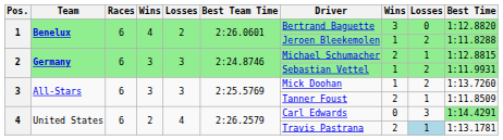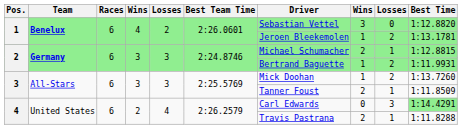 <table class="wikitable" style="font-size: 95%;">
 <tr>
 <th>Pos.</th>
 <th>Team</th>
 <th>Races</th>
 <th>Wins</th>
 <th>Losses</th>
 <th>Best Team Time</th>
 <th>Driver</th>
 <th>Wins</th>
 <th>Losses</th>
 <th>Best Time</th>
 </tr>
 <tr style="background:lightgreen;">
 <th rowspan=2>1</th>
 <td rowspan=2> <strong><a href='#'>Benelux</a></strong></td>
 <td rowspan=2 align=center>6</td>
 <td rowspan=2 align=center>4</td>
 <td rowspan=2 align=center>2</td>
 <td rowspan=2 align=center>2:26.0601</td>
-<td> <a href='#'>Bertrand Baguette</a></td>
+<td> <a href='#'>Sebastian Vettel</a></td>
 <td align=center>3</td>
 <td align=center>0</td>
 <td>1:12.8820</td>
 </tr>
 <tr style="background:lightgreen;">
 <td> <a href='#'>Jeroen Bleekemolen</a></td>
 <td align=center>1</td>
 <td align=center>2</td>
-<td>1:11.8288</td>
+<td>1:13.1781</td>
 </tr>
 <tr style="background:lightgreen;">
 <th rowspan=2>2</th>
 <td rowspan=2> <strong><a href='#'>Germany</a></strong></td>
 <td rowspan=2 align=center>6</td>
 <td rowspan=2 align=center>3</td>
 <td rowspan=2 align=center>3</td>
 <td rowspan=2 align=center>2:24.8746</td>
 <td> <a href='#'>Michael Schumacher</a></td>
 <td align=center>2</td>
 <td align=center>1</td>
 <td>1:12.8815</td>
 </tr>
 <tr style="background:lightgreen;">
-<td> <a href='#'>Sebastian Vettel</a></td>
+<td> <a href='#'>Bertrand Baguette</a></td>
 <td align=center>1</td>
 <td align=center>2</td>
 <td>1:11.9931</td>
 </tr>
 <tr>
 <th rowspan=2>3</th>
 <td rowspan=2> <a href='#'>All-Stars</a></td>
 <td rowspan=2 align=center>6</td>
 <td rowspan=2 align=center>3</td>
 <td rowspan=2 align=center>3</td>
 <td rowspan=2 align=center>2:25.5769</td>
 <td> <a href='#'>Mick Doohan</a></td>
 <td align=center>1</td>
 <td align=center>2</td>
 <td>1:13.7260</td>
 </tr>
 <tr>
 <td> <a href='#'>Tanner Foust</a></td>
 <td align=center>2</td>
 <td align=center>1</td>
 <td>1:11.8509</td>
 </tr>
 <tr>
 <th rowspan=2>4</th>
 <td rowspan=2> United States</td>
 <td rowspan=2 align=center>6</td>
 <td rowspan=2 align=center>2</td>
 <td rowspan=2 align=center>4</td>
 <td rowspan=2 align=center>2:26.2579</td>
 <td> <a href='#'>Carl Edwards</a></td>
 <td align=center>0</td>
 <td align=center>3</td>
 <td style="background: lightgreen;">1:14.4291</td>
 </tr>
 <tr>
 <td> <a href='#'>Travis Pastrana</a></td>
 <td align=center>2</td>
-<td align=center style="background: lightblue;">1</td>
-<td>1:13.1781</td>
+<td align=center>1</td>
+<td>1:11.8288</td>
 </tr>
 </table>
